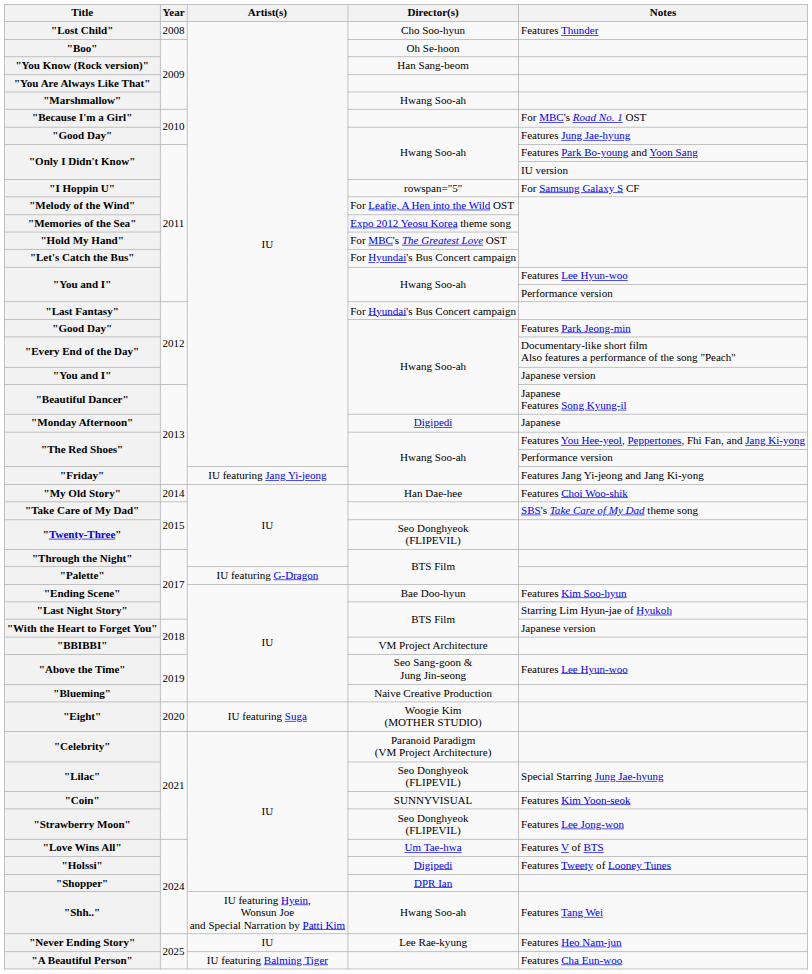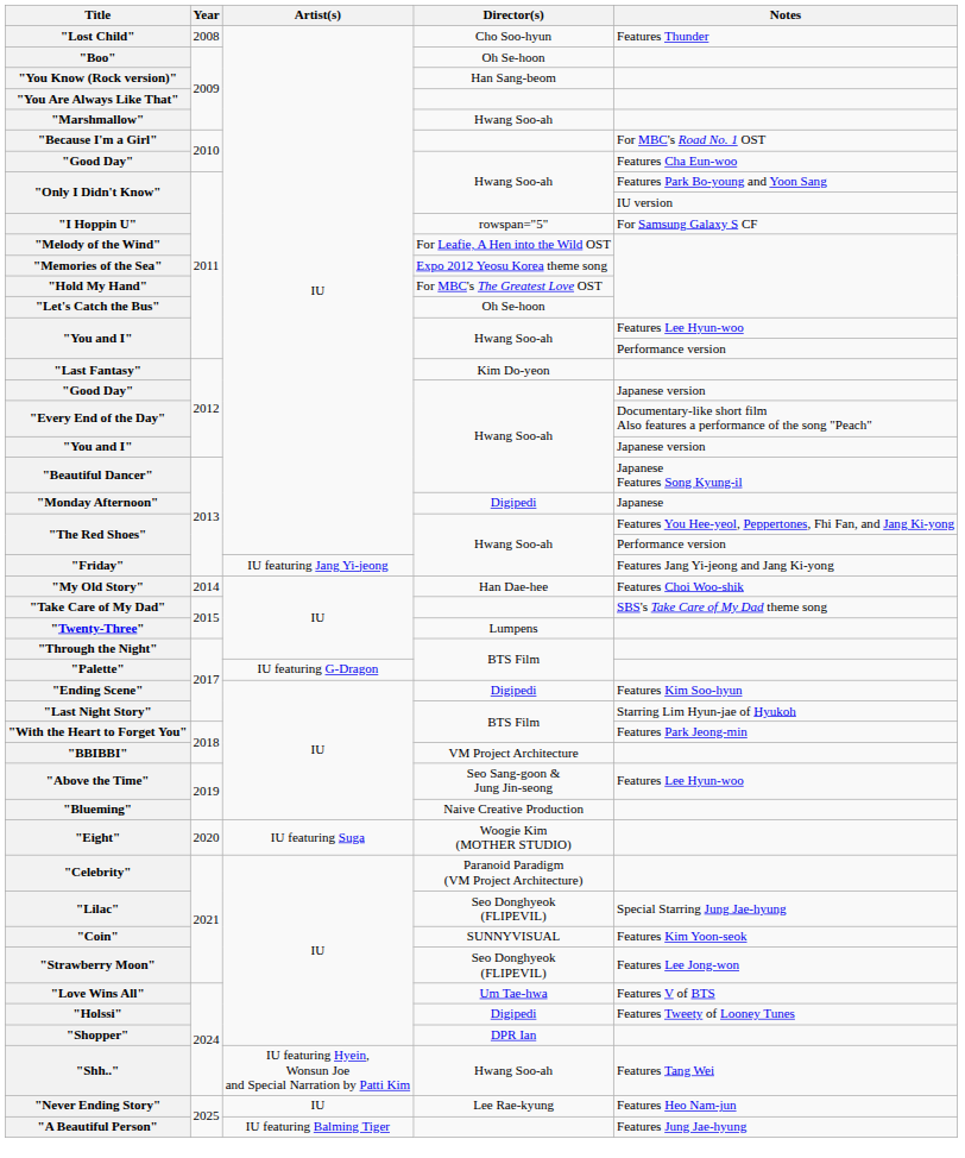 <table class="wikitable plainrowheaders" style="text-align:center;">
 <tr>
 <th scope="col" align="center">Title</th>
 <th scope="col" align="center">Year</th>
 <th scope="col" align="center">Artist(s)</th>
 <th scope="col" align="center">Director(s)</th>
 <th scope="col" align="center">Notes</th>
 </tr>
 <tr>
 <th scope="row">"Lost Child"</th>
 <td>2008</td>
 <td rowspan="24">IU</td>
 <td>Cho Soo-hyun</td>
 <td style="text-align:left;">Features <a href='#'>Thunder</a></td>
 </tr>
 <tr>
 <th scope="row">"Boo"</th>
 <td rowspan="4">2009</td>
 <td>Oh Se-hoon</td>
 <td></td>
 </tr>
 <tr>
 <th scope="row">"You Know (Rock version)"</th>
 <td>Han Sang-beom</td>
 <td></td>
 </tr>
 <tr>
 <th scope="row">"You Are Always Like That"</th>
 <td></td>
 <td></td>
 </tr>
 <tr>
 <th scope="row">"Marshmallow"</th>
 <td>Hwang Soo-ah</td>
 <td></td>
 </tr>
 <tr>
 <th scope="row">"Because I'm a Girl"</th>
 <td rowspan="2">2010</td>
 <td></td>
 <td style="text-align:left;">For <a href='#'>MBC</a>'s <em><a href='#'>Road No. 1</a></em> OST</td>
 </tr>
 <tr>
 <th scope="row">"Good Day"</th>
 <td rowspan="3">Hwang Soo-ah</td>
-<td style="text-align:left;">Features <a href='#'>Jung Jae-hyung</a></td>
+<td style="text-align:left;">Features <a href='#'>Cha Eun-woo</a></td>
 </tr>
 <tr>
 <th scope="row" rowspan="2">"Only I Didn't Know"</th>
 <td rowspan="9">2011</td>
 <td style="text-align:left;">Features <a href='#'>Park Bo-young</a> and <a href='#'>Yoon Sang</a></td>
 </tr>
 <tr>
 <td style="text-align:left;">IU version</td>
 </tr>
 <tr>
 <th scope="row">"I Hoppin U"</th>
 <td>rowspan="5" </td>
 <td style="text-align:left;">For <a href='#'>Samsung Galaxy S</a> CF</td>
 </tr>
 <tr>
 <th scope="row">"Melody of the Wind"</th>
 <td style="text-align:left;">For <a href='#'>Leafie, A Hen into the Wild</a> OST</td>
 </tr>
 <tr>
 <th scope="row">"Memories of the Sea"</th>
 <td style="text-align:left;"><a href='#'>Expo 2012 Yeosu Korea</a> theme song</td>
 </tr>
 <tr>
 <th scope="row">"Hold My Hand"</th>
 <td style="text-align:left;">For <a href='#'>MBC</a>'s <em><a href='#'>The Greatest Love</a></em> OST</td>
 </tr>
 <tr>
 <th scope="row">"Let's Catch the Bus"</th>
-<td style="text-align:left;">For <a href='#'>Hyundai</a>'s Bus Concert campaign</td>
+<td>Oh Se-hoon</td>
 </tr>
 <tr>
 <th scope="row" rowspan="2">"You and I"</th>
 <td rowspan="2">Hwang Soo-ah</td>
 <td style="text-align:left;">Features <a href='#'>Lee Hyun-woo</a></td>
 </tr>
 <tr>
 <td style="text-align:left;">Performance version</td>
 </tr>
 <tr>
 <th scope="row">"Last Fantasy"</th>
 <td rowspan="4">2012</td>
-<td style="text-align:left;">For <a href='#'>Hyundai</a>'s Bus Concert campaign</td>
+<td>Kim Do-yeon</td>
 <td></td>
 </tr>
 <tr>
 <th scope="row">"Good Day"</th>
 <td rowspan="4">Hwang Soo-ah</td>
-<td style="text-align:left;">Features <a href='#'>Park Jeong-min</a></td>
+<td style="text-align:left;">Japanese version</td>
 </tr>
 <tr>
 <th scope="row">"Every End of the Day"</th>
 <td style="text-align:left;">Documentary-like short film<br>Also features a performance of the song "Peach"</td>
 </tr>
 <tr>
 <th scope="row">"You and I"</th>
 <td style="text-align:left;">Japanese version</td>
 </tr>
 <tr>
 <th scope="row">"Beautiful Dancer"</th>
 <td rowspan="5">2013</td>
 <td style="text-align:left;">Japanese<br>Features <a href='#'>Song Kyung-il</a></td>
 </tr>
 <tr>
 <th scope="row">"Monday Afternoon"</th>
 <td><a href='#'>Digipedi</a></td>
 <td style="text-align:left;">Japanese</td>
 </tr>
 <tr>
 <th scope="row" rowspan="2">"The Red Shoes"</th>
 <td rowspan="3">Hwang Soo-ah</td>
 <td style="text-align:left;">Features <a href='#'>You Hee-yeol</a>, <a href='#'>Peppertones</a>, Fhi Fan, and <a href='#'>Jang Ki-yong</a></td>
 </tr>
 <tr>
 <td style="text-align:left;">Performance version</td>
 </tr>
 <tr>
 <th scope="row">"Friday"</th>
 <td>IU featuring <a href='#'>Jang Yi-jeong</a></td>
 <td style="text-align:left;">Features Jang Yi-jeong and Jang Ki-yong</td>
 </tr>
 <tr>
 <th scope="row">"My Old Story"</th>
 <td>2014</td>
 <td rowspan="4">IU</td>
 <td>Han Dae-hee</td>
 <td style="text-align:left;">Features <a href='#'>Choi Woo-shik</a></td>
 </tr>
 <tr>
 <th scope="row">"Take Care of My Dad"</th>
 <td rowspan="2">2015</td>
 <td></td>
 <td style="text-align:left;"><a href='#'>SBS</a>'s <em><a href='#'>Take Care of My Dad</a></em> theme song</td>
 </tr>
 <tr>
 <th scope="row">"<a href='#'>Twenty-Three</a>"</th>
-<td>Seo Donghyeok<br>(FLIPEVIL)</td>
+<td>Lumpens</td>
 <td></td>
 </tr>
 <tr>
 <th scope="row">"Through the Night"</th>
 <td rowspan="4">2017</td>
 <td rowspan="2">BTS Film</td>
 <td style="text-align:left;"></td>
 </tr>
 <tr>
 <th scope="row">"Palette"</th>
 <td>IU featuring <a href='#'>G-Dragon</a></td>
 <td style="text-align:left;"></td>
 </tr>
 <tr>
 <th scope="row">"Ending Scene"</th>
 <td rowspan="6">IU</td>
-<td>Bae Doo-hyun</td>
+<td><a href='#'>Digipedi</a></td>
 <td style="text-align:left;">Features <a href='#'>Kim Soo-hyun</a></td>
 </tr>
 <tr>
 <th scope="row">"Last Night Story"</th>
 <td rowspan="2">BTS Film</td>
 <td style="text-align:left;">Starring Lim Hyun-jae of <a href='#'>Hyukoh</a></td>
 </tr>
 <tr>
 <th scope="row">"With the Heart to Forget You"</th>
 <td rowspan="2">2018</td>
-<td style="text-align:left;">Japanese version</td>
+<td style="text-align:left;">Features <a href='#'>Park Jeong-min</a></td>
 </tr>
 <tr>
 <th scope="row">"BBIBBI"</th>
 <td>VM Project Architecture</td>
 <td></td>
 </tr>
 <tr>
 <th scope="row">"Above the Time"</th>
 <td rowspan="2">2019</td>
 <td>Seo Sang-goon & <br>Jung Jin-seong</td>
 <td style="text-align:left;">Features <a href='#'>Lee Hyun-woo</a></td>
 </tr>
 <tr>
 <th scope="row">"Blueming"</th>
 <td>Naive Creative Production</td>
 <td></td>
 </tr>
 <tr>
 <th scope="row">"Eight"</th>
 <td rowspan="1">2020</td>
 <td>IU featuring <a href='#'>Suga</a></td>
 <td>Woogie Kim<br>(MOTHER STUDIO)</td>
 <td style="text-align:left;"></td>
 </tr>
 <tr>
 <th scope="row">"Celebrity"</th>
 <td rowspan="4">2021</td>
 <td rowspan="7">IU</td>
 <td>Paranoid Paradigm<br>(VM Project Architecture)</td>
 <td style="text-align:left;"></td>
 </tr>
 <tr>
 <th scope="row">"Lilac"</th>
 <td>Seo Donghyeok<br>(FLIPEVIL)</td>
 <td style="text-align:left;">Special Starring <a href='#'>Jung Jae-hyung</a></td>
 </tr>
 <tr>
 <th scope="row">"Coin"</th>
 <td>SUNNYVISUAL</td>
 <td style="text-align:left;">Features <a href='#'>Kim Yoon-seok</a></td>
 </tr>
 <tr>
 <th scope="row">"Strawberry Moon"</th>
 <td>Seo Donghyeok<br>(FLIPEVIL)</td>
 <td style="text-align:left;">Features <a href='#'>Lee Jong-won</a></td>
 </tr>
 <tr>
 <th scope="row">"Love Wins All"</th>
 <td rowspan="4">2024</td>
 <td><a href='#'>Um Tae-hwa</a></td>
 <td style="text-align:left;">Features <a href='#'>V</a> of <a href='#'>BTS</a></td>
 </tr>
 <tr>
 <th scope="row">"Holssi"</th>
 <td><a href='#'>Digipedi</a></td>
 <td style="text-align:left;">Features <a href='#'>Tweety</a> of <a href='#'>Looney Tunes</a></td>
 </tr>
 <tr>
 <th scope="row">"Shopper"</th>
 <td><a href='#'>DPR Ian</a></td>
 <td></td>
 </tr>
 <tr>
 <th scope="row">"Shh.."</th>
 <td>IU featuring <a href='#'>Hyein</a>,<br>Wonsun Joe<br>and Special Narration by <a href='#'>Patti Kim</a></td>
 <td>Hwang Soo-ah</td>
 <td style="text-align:left;">Features <a href='#'>Tang Wei</a></td>
 </tr>
 <tr>
 <th scope="row">"Never Ending Story"</th>
 <td rowspan="2">2025</td>
 <td>IU</td>
 <td>Lee Rae-kyung</td>
 <td style="text-align:left;">Features <a href='#'>Heo Nam-jun</a></td>
 </tr>
 <tr>
 <th scope="row">"A Beautiful Person"</th>
 <td>IU featuring <a href='#'>Balming Tiger</a></td>
 <td></td>
-<td style="text-align:left;">Features <a href='#'>Cha Eun-woo</a></td>
+<td style="text-align:left;">Features <a href='#'>Jung Jae-hyung</a></td>
 </tr>
 </table>
